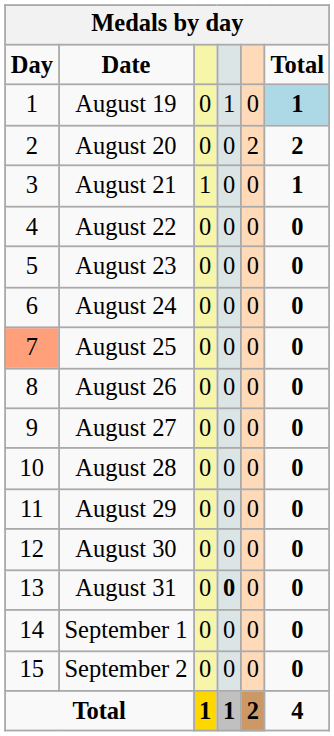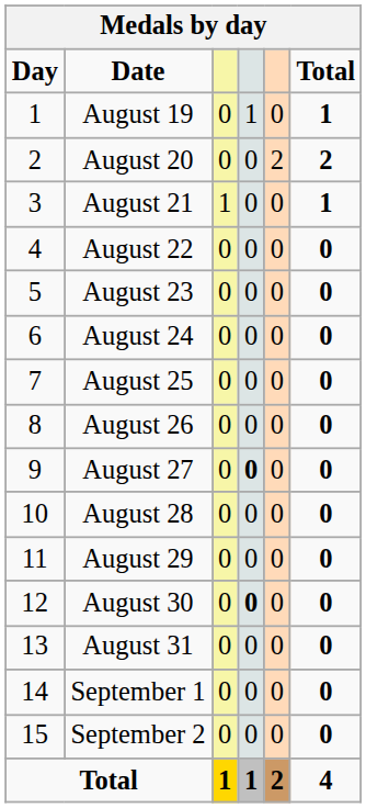 <table class=wikitable style="font-size:85%; float:right;text-align:center">
 <tr>
 <th colspan=7><strong>Medals by day</strong></th>
 </tr>
 <tr>
 <td><strong>Day</strong></td>
 <td><strong>Date</strong></td>
 <td bgcolor=F7F6A8></td>
 <td bgcolor=DCE5E5></td>
 <td bgcolor=FFDAB9></td>
 <td><strong>Total</strong></td>
 </tr>
 <tr>
 <td>1</td>
 <td>August 19</td>
 <td bgcolor=F7F6A8>0</td>
 <td bgcolor=DCE5E5>1</td>
 <td bgcolor=FFDAB9>0</td>
-<td style="background: lightblue;"><strong>1</strong></td>
+<td><strong>1</strong></td>
 </tr>
 <tr>
 <td>2</td>
 <td>August 20</td>
 <td bgcolor=F7F6A8>0</td>
 <td bgcolor=DCE5E5>0</td>
 <td bgcolor=FFDAB9>2</td>
 <td><strong>2</strong></td>
 </tr>
 <tr>
 <td>3</td>
 <td>August 21</td>
 <td bgcolor=F7F6A8>1</td>
 <td bgcolor=DCE5E5>0</td>
 <td bgcolor=FFDAB9>0</td>
 <td><strong>1</strong></td>
 </tr>
 <tr>
 <td>4</td>
 <td>August 22</td>
 <td bgcolor=F7F6A8>0</td>
 <td bgcolor=DCE5E5>0</td>
 <td bgcolor=FFDAB9>0</td>
 <td><strong>0</strong></td>
 </tr>
 <tr>
 <td>5</td>
 <td>August 23</td>
 <td bgcolor=F7F6A8>0</td>
 <td bgcolor=DCE5E5>0</td>
 <td bgcolor=FFDAB9>0</td>
 <td><strong>0</strong></td>
 </tr>
 <tr>
 <td>6</td>
 <td>August 24</td>
 <td bgcolor=F7F6A8>0</td>
 <td bgcolor=DCE5E5>0</td>
 <td bgcolor=FFDAB9>0</td>
 <td><strong>0</strong></td>
 </tr>
 <tr>
-<td style="background: lightsalmon;">7</td>
+<td>7</td>
 <td>August 25</td>
 <td bgcolor=F7F6A8>0</td>
 <td bgcolor=DCE5E5>0</td>
 <td bgcolor=FFDAB9>0</td>
 <td><strong>0</strong></td>
 </tr>
 <tr>
 <td>8</td>
 <td>August 26</td>
 <td bgcolor=F7F6A8>0</td>
 <td bgcolor=DCE5E5>0</td>
 <td bgcolor=FFDAB9>0</td>
 <td><strong>0</strong></td>
 </tr>
 <tr>
 <td>9</td>
 <td>August 27</td>
 <td bgcolor=F7F6A8>0</td>
-<td bgcolor=DCE5E5>0</td>
+<td bgcolor=DCE5E5><strong>0</strong></td>
 <td bgcolor=FFDAB9>0</td>
 <td><strong>0</strong></td>
 </tr>
 <tr>
 <td>10</td>
 <td>August 28</td>
 <td bgcolor=F7F6A8>0</td>
 <td bgcolor=DCE5E5>0</td>
 <td bgcolor=FFDAB9>0</td>
 <td><strong>0</strong></td>
 </tr>
 <tr>
 <td>11</td>
 <td>August 29</td>
 <td bgcolor=F7F6A8>0</td>
 <td bgcolor=DCE5E5>0</td>
 <td bgcolor=FFDAB9>0</td>
 <td><strong>0</strong></td>
 </tr>
 <tr>
 <td>12</td>
 <td>August 30</td>
 <td bgcolor=F7F6A8>0</td>
-<td bgcolor=DCE5E5>0</td>
+<td bgcolor=DCE5E5><strong>0</strong></td>
 <td bgcolor=FFDAB9>0</td>
 <td><strong>0</strong></td>
 </tr>
 <tr>
 <td>13</td>
 <td>August 31</td>
 <td bgcolor=F7F6A8>0</td>
-<td bgcolor=DCE5E5><strong>0</strong></td>
+<td bgcolor=DCE5E5>0</td>
 <td bgcolor=FFDAB9>0</td>
 <td><strong>0</strong></td>
 </tr>
 <tr>
 <td>14</td>
 <td>September 1</td>
 <td bgcolor=F7F6A8>0</td>
 <td bgcolor=DCE5E5>0</td>
 <td bgcolor=FFDAB9>0</td>
 <td><strong>0</strong></td>
 </tr>
 <tr>
 <td>15</td>
 <td>September 2</td>
 <td bgcolor=F7F6A8>0</td>
 <td bgcolor=DCE5E5>0</td>
 <td bgcolor=FFDAB9>0</td>
 <td><strong>0</strong></td>
 </tr>
 <tr>
 <td colspan=2><strong>Total</strong></td>
 <td style="background:gold;"><strong>1</strong></td>
 <td style="background:silver;"><strong>1</strong></td>
 <td style="background:#c96;"><strong>2</strong></td>
 <td><strong>4</strong></td>
 </tr>
 </table>
